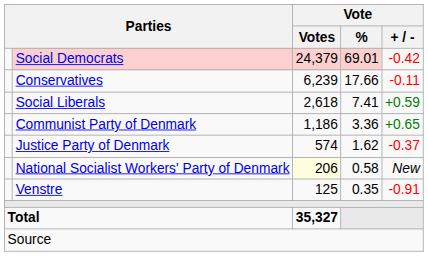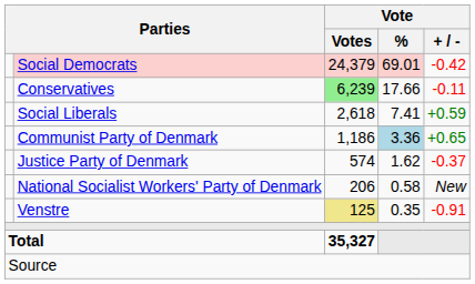 <table class="wikitable" style="text-align:right;">
 <tr>
 <th style="text-align:centre;" rowspan="2" colspan="2" width="225">Parties</th>
 <th colspan="3">Vote</th>
 </tr>
 <tr>
 <th width="15">Votes</th>
 <th width="15">%</th>
 <th width="15">+ / -</th>
 </tr>
 <tr>
 <td width="2" style="color:inherit;background:"></td>
 <td bgcolor=#fbd0ce  align="left"><a href='#'>Social Democrats</a></td>
 <td bgcolor=#fbd0ce>24,379</td>
 <td bgcolor=#fbd0ce>69.01</td>
 <td style=color:red;>-0.42</td>
 </tr>
 <tr>
 <td width="2" style="color:inherit;background:"></td>
 <td align="left"><a href='#'>Conservatives</a></td>
-<td>6,239</td>
+<td style="background: lightgreen;">6,239</td>
 <td>17.66</td>
 <td style=color:red;>-0.11</td>
 </tr>
 <tr>
 <td width="2" style="color:inherit;background:"></td>
 <td align="left"><a href='#'>Social Liberals</a></td>
 <td>2,618</td>
 <td>7.41</td>
 <td style=color:green;>+0.59</td>
 </tr>
 <tr>
 <td width="2" style="color:inherit;background:"></td>
 <td align="left"><a href='#'>Communist Party of Denmark</a></td>
 <td>1,186</td>
-<td>3.36</td>
+<td style="background: lightblue;">3.36</td>
 <td style=color:green;>+0.65</td>
 </tr>
 <tr>
 <td width="2" style="color:inherit;background:"></td>
 <td align="left"><a href='#'>Justice Party of Denmark</a></td>
 <td>574</td>
 <td>1.62</td>
 <td style=color:red;>-0.37</td>
 </tr>
 <tr>
 <td width="2" style="color:inherit;background:"></td>
 <td align="left"><a href='#'>National Socialist Workers' Party of Denmark</a></td>
-<td style="background: lightyellow;">206</td>
+<td>206</td>
 <td>0.58</td>
 <td><em>New</em></td>
 </tr>
 <tr>
 <td width="2" style="color:inherit;background:"></td>
 <td align="left"><a href='#'>Venstre</a></td>
-<td>125</td>
+<td style="background: khaki;">125</td>
 <td>0.35</td>
 <td style=color:red;>-0.91</td>
 </tr>
 <tr>
 <td colspan="7" bgcolor="#E9E9E9"></td>
 </tr>
 <tr>
 <td align="left" colspan="2"><strong>Total</strong></td>
 <td><strong>35,327</strong></td>
 <td bgcolor="#E9E9E9" colspan="2"></td>
 </tr>
 <tr>
 <td align="left" colspan="6">Source</td>
 </tr>
 </table>
